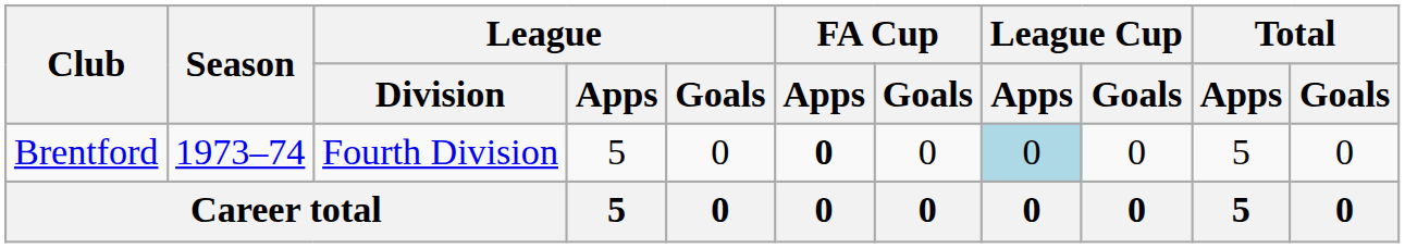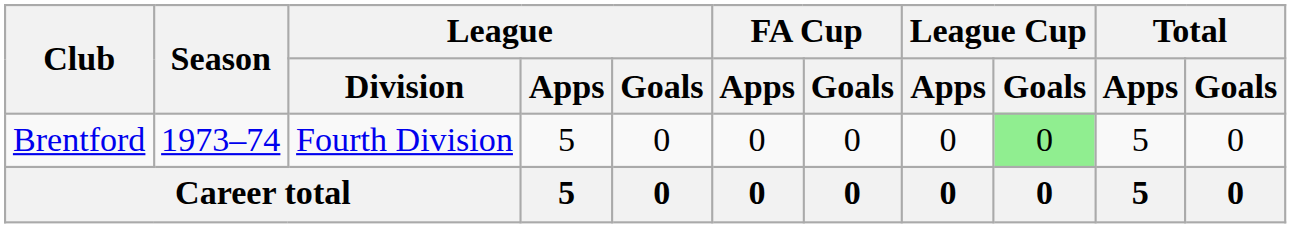 <table class="wikitable" style="text-align: center;">
 <tr>
 <th rowspan="2">Club</th>
 <th rowspan="2">Season</th>
 <th colspan="3">League</th>
 <th colspan="2">FA Cup</th>
 <th colspan="2">League Cup</th>
 <th colspan="2">Total</th>
 </tr>
 <tr>
 <th>Division</th>
 <th>Apps</th>
 <th>Goals</th>
 <th>Apps</th>
 <th>Goals</th>
 <th>Apps</th>
 <th>Goals</th>
 <th>Apps</th>
 <th>Goals</th>
 </tr>
 <tr>
 <td><a href='#'>Brentford</a></td>
 <td><a href='#'>1973–74</a></td>
 <td><a href='#'>Fourth Division</a></td>
 <td>5</td>
 <td>0</td>
-<td><strong>0</strong></td>
 <td>0</td>
-<td style="background: lightblue;">0</td>
 <td>0</td>
+<td>0</td>
+<td style="background: lightgreen;">0</td>
 <td>5</td>
 <td>0</td>
 </tr>
 <tr>
 <th colspan="3">Career total</th>
 <th>5</th>
 <th>0</th>
 <th>0</th>
 <th>0</th>
 <th>0</th>
 <th>0</th>
 <th>5</th>
 <th>0</th>
 </tr>
 </table>
